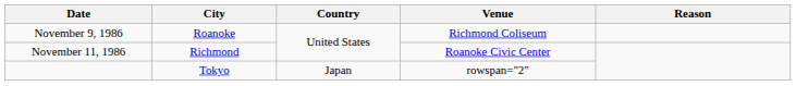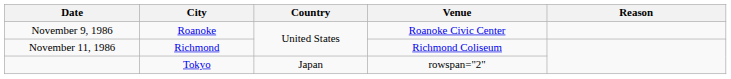 <table class="wikitable" style="text-align:center;">
 <tr>
 <th scope="col" style="width:12em;">Date</th>
 <th scope="col" style="width:10em;">City</th>
 <th scope="col" style="width:10em;">Country</th>
 <th scope="col" style="width:16em;">Venue</th>
 <th scope="col" style="width:16em;">Reason</th>
 </tr>
 <tr>
 <td>November 9, 1986</td>
 <td><a href='#'>Roanoke</a></td>
 <td rowspan="2">United States</td>
-<td><a href='#'>Richmond Coliseum</a></td>
+<td><a href='#'>Roanoke Civic Center</a></td>
 </tr>
 <tr>
 <td>November 11, 1986</td>
 <td><a href='#'>Richmond</a></td>
-<td><a href='#'>Roanoke Civic Center</a></td>
+<td><a href='#'>Richmond Coliseum</a></td>
 <td rowspan="2"></td>
 </tr>
 <tr>
 <td></td>
 <td rowspan="2"><a href='#'>Tokyo</a></td>
 <td rowspan="2">Japan</td>
 <td>rowspan="2" </td>
 </tr>
 </table>
